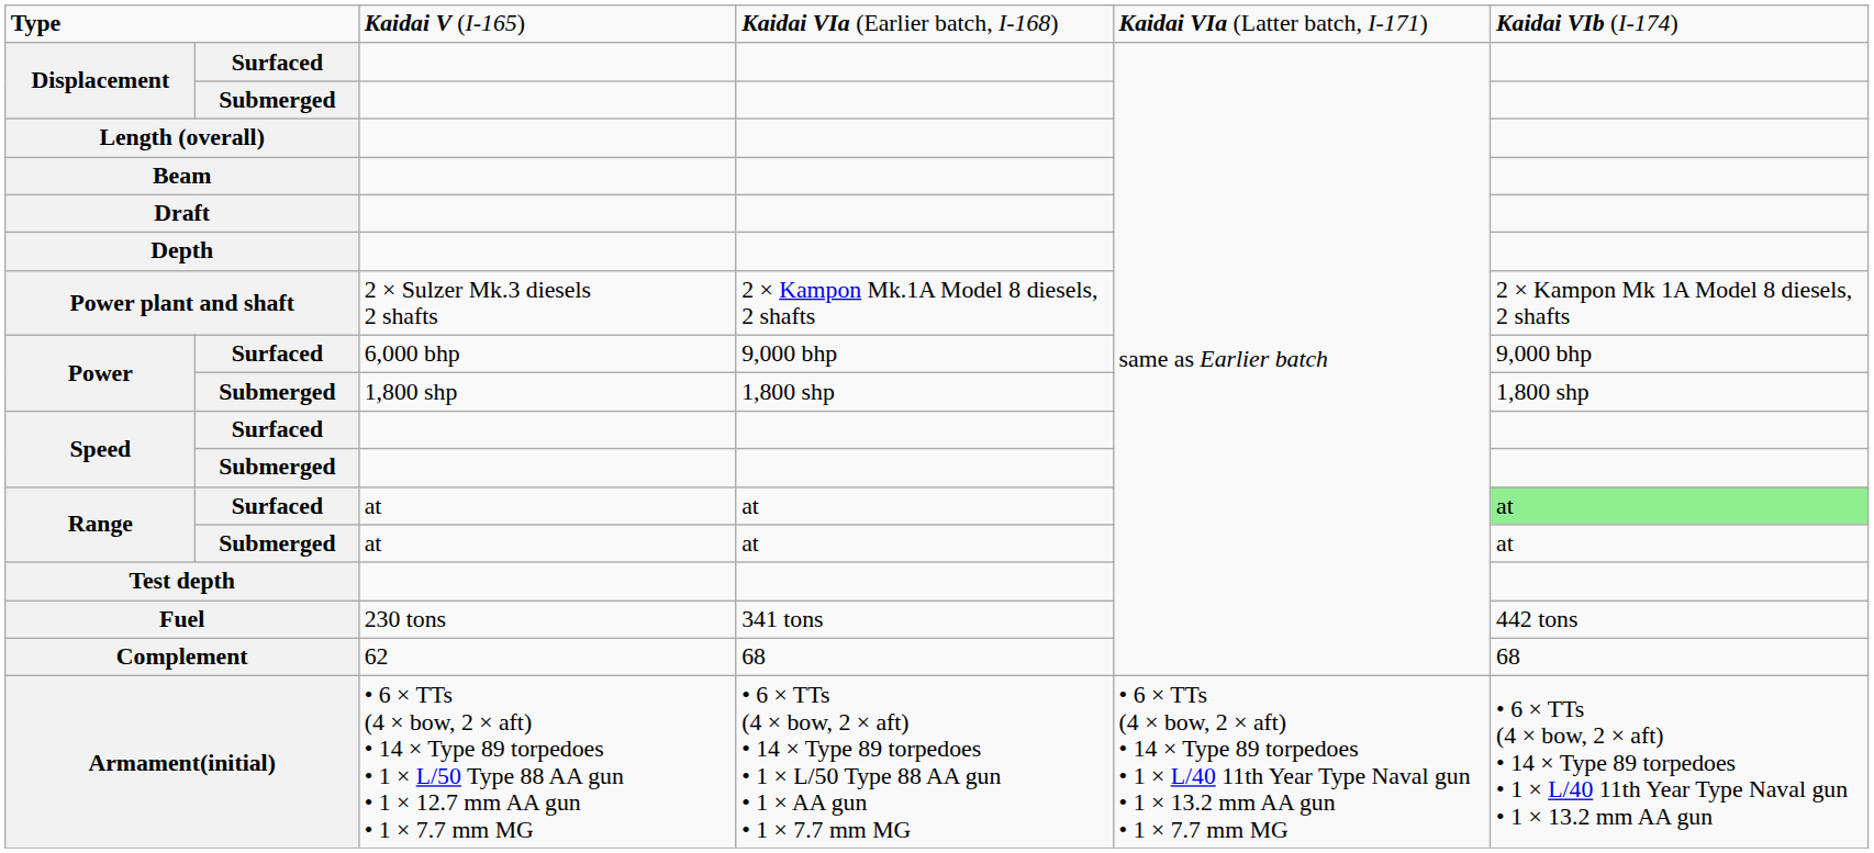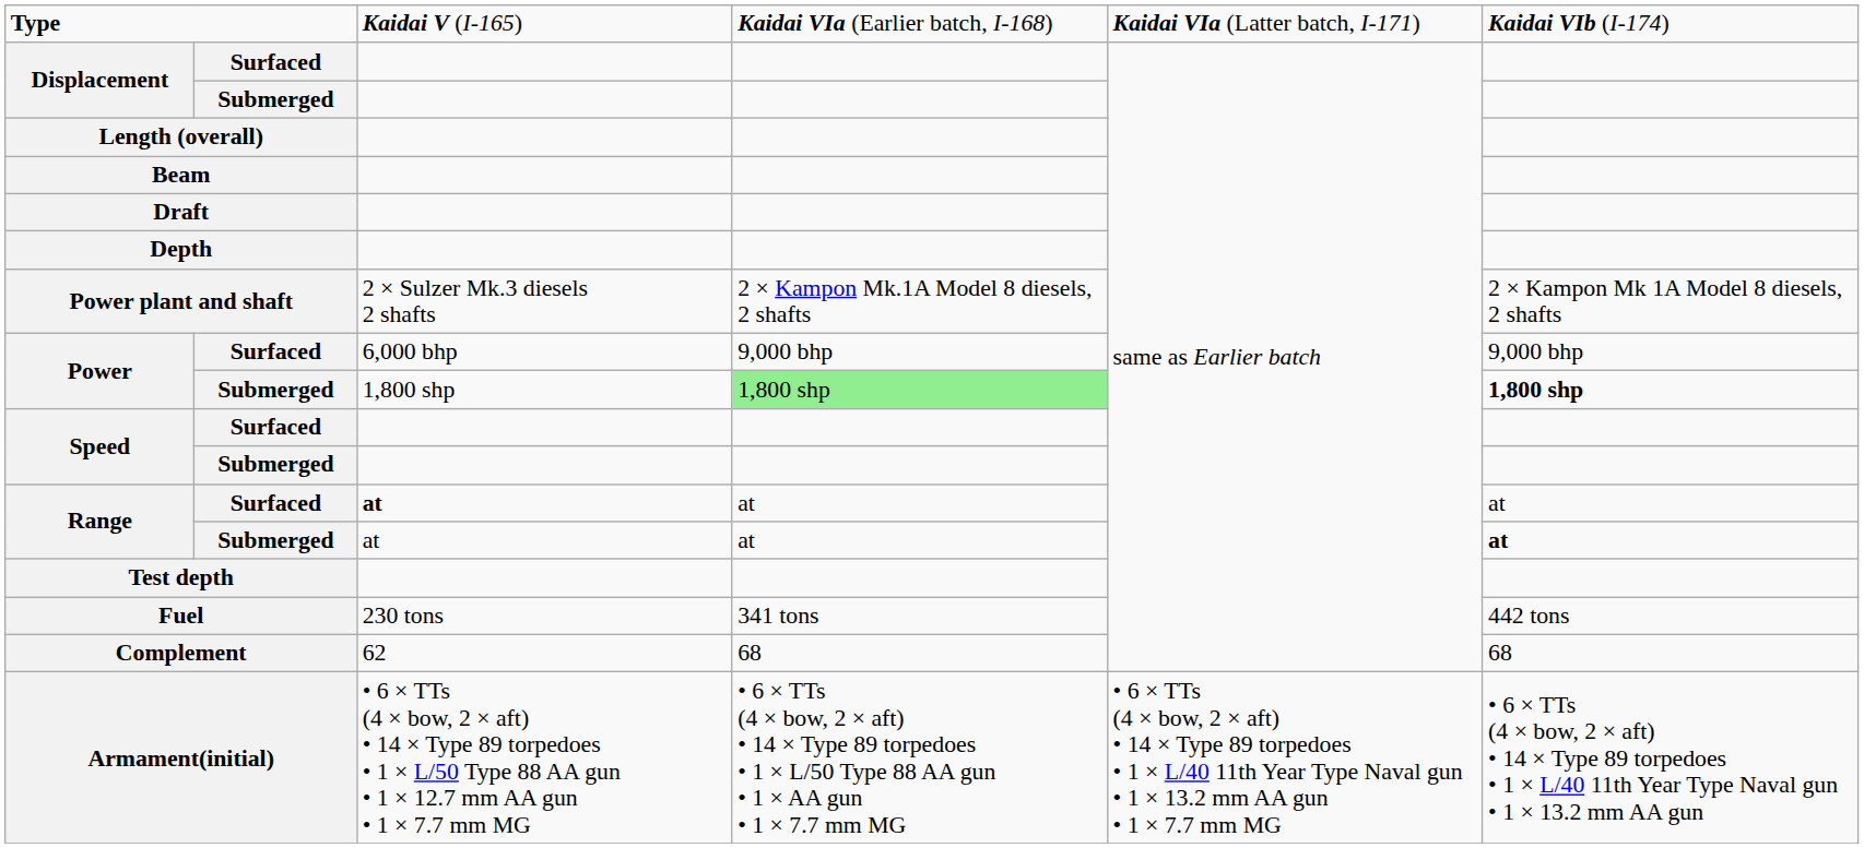 <table class="wikitable">
 <tr>
 <td width="15%" colspan="2"><strong>Type</strong></td>
 <td width="16%"><strong><em>Kaidai V</em></strong> (<em>I-165</em>)</td>
 <td width="16%"><strong><em>Kaidai VIa</em></strong> (Earlier batch, <em>I-168</em>)</td>
 <td width="16%"><strong><em>Kaidai VIa</em></strong> (Latter batch, <em>I-171</em>)</td>
 <td width="16%"><strong><em>Kaidai VIb</em></strong> (<em>I-174</em>)</td>
 </tr>
 <tr>
 <th rowspan="2">Displacement</th>
 <th>Surfaced</th>
 <td></td>
 <td></td>
 <td rowspan="16">same as <em>Earlier batch</em></td>
 <td></td>
 </tr>
 <tr>
 <th>Submerged</th>
 <td></td>
 <td></td>
 <td></td>
 </tr>
 <tr>
 <th colspan="2">Length (overall)</th>
 <td></td>
 <td></td>
 <td></td>
 </tr>
 <tr>
 <th colspan="2">Beam</th>
 <td></td>
 <td></td>
 <td></td>
 </tr>
 <tr>
 <th colspan="2">Draft</th>
 <td></td>
 <td></td>
 <td></td>
 </tr>
 <tr>
 <th colspan="2">Depth</th>
 <td></td>
 <td></td>
 <td></td>
 </tr>
 <tr>
 <th colspan="2">Power plant and shaft</th>
 <td>2 × Sulzer Mk.3 diesels<br>2 shafts</td>
 <td>2 × <a href='#'>Kampon</a> Mk.1A Model 8 diesels, 2 shafts</td>
 <td>2 × Kampon Mk 1A Model 8 diesels, 2 shafts</td>
 </tr>
 <tr>
 <th rowspan="2">Power</th>
 <th>Surfaced</th>
 <td>6,000 bhp</td>
 <td>9,000 bhp</td>
 <td>9,000 bhp</td>
 </tr>
 <tr>
 <th>Submerged</th>
 <td>1,800 shp</td>
-<td>1,800 shp</td>
-<td>1,800 shp</td>
+<td style="background: lightgreen;">1,800 shp</td>
+<td><strong>1,800 shp</strong></td>
 </tr>
 <tr>
 <th rowspan="2">Speed</th>
 <th>Surfaced</th>
 <td></td>
 <td></td>
 <td></td>
 </tr>
 <tr>
 <th>Submerged</th>
 <td></td>
 <td></td>
 <td></td>
 </tr>
 <tr>
 <th rowspan="2">Range</th>
 <th>Surfaced</th>
+<td><strong> at </strong></td>
 <td> at </td>
 <td> at </td>
-<td style="background: lightgreen;"> at </td>
 </tr>
 <tr>
 <th>Submerged</th>
 <td> at </td>
 <td> at </td>
-<td> at </td>
+<td><strong> at </strong></td>
 </tr>
 <tr>
 <th colspan="2">Test depth</th>
 <td></td>
 <td></td>
 <td></td>
 </tr>
 <tr>
 <th colspan="2">Fuel</th>
 <td>230 tons</td>
 <td>341 tons</td>
 <td>442 tons</td>
 </tr>
 <tr>
 <th colspan="2">Complement</th>
 <td>62</td>
 <td>68</td>
 <td>68</td>
 </tr>
 <tr>
 <th colspan="2">Armament(initial)</th>
 <td>• 6 ×  TTs<br>(4 × bow, 2 × aft)<br>• 14 × Type 89 torpedoes<br>• 1 × <a href='#'> L/50</a> Type 88 AA gun<br>• 1 × 12.7 mm AA gun<br>• 1 × 7.7 mm MG</td>
 <td>• 6 ×  TTs<br>(4 × bow, 2 × aft)<br>• 14 × Type 89 torpedoes<br>• 1 ×  L/50 Type 88 AA gun<br>• 1 × <a href='#'></a> AA gun<br>• 1 × 7.7 mm MG</td>
 <td>• 6 ×  TTs<br>(4 × bow, 2 × aft)<br>• 14 × Type 89 torpedoes<br>• 1 × <a href='#'> L/40</a> 11th Year Type Naval gun<br>• 1 × 13.2 mm AA gun<br>• 1 × 7.7 mm MG</td>
 <td>• 6 ×  TTs<br>(4 × bow, 2 × aft)<br>• 14 × Type 89 torpedoes<br>• 1 × <a href='#'> L/40</a> 11th Year Type Naval gun<br>• 1 × 13.2 mm AA gun</td>
 </tr>
 <tr>
 </tr>
 </table>
